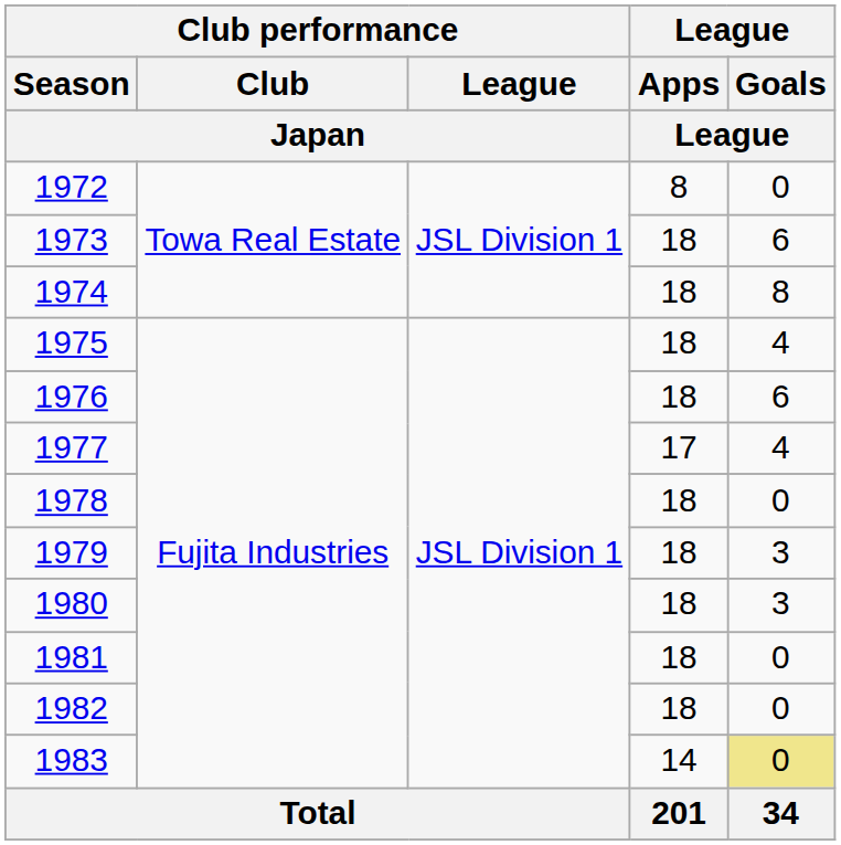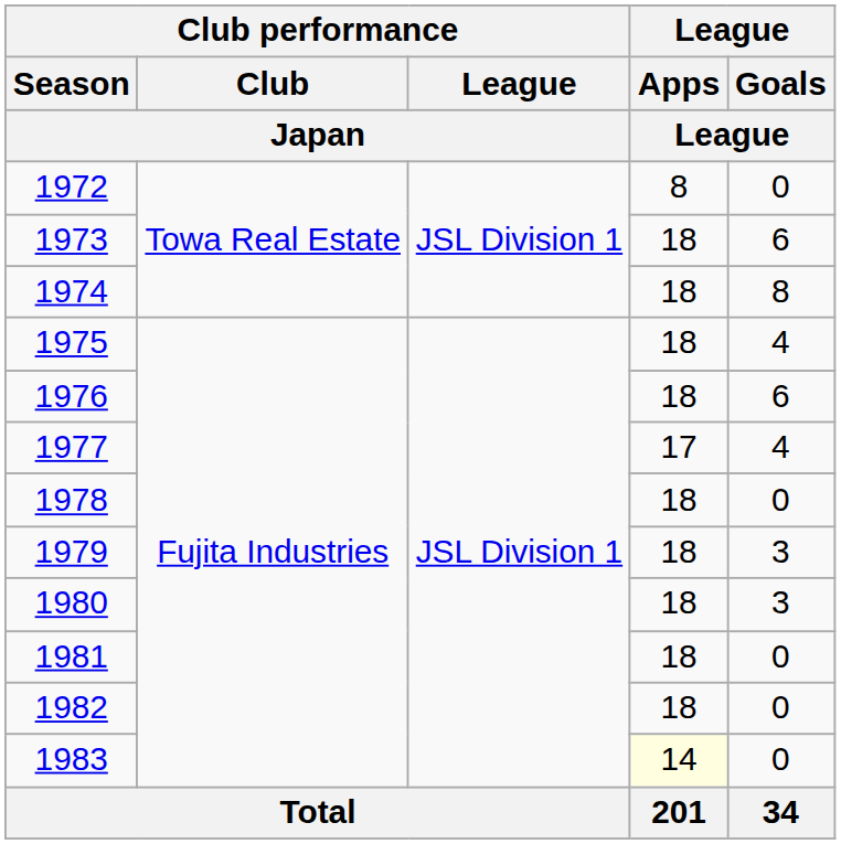 <table class="wikitable" style="text-align:center;">
 <tr>
 <th colspan=3>Club performance</th>
 <th colspan=2>League</th>
 </tr>
 <tr>
 <th>Season</th>
 <th>Club</th>
 <th>League</th>
 <th>Apps</th>
 <th>Goals</th>
 </tr>
 <tr>
 <th colspan=3>Japan</th>
 <th colspan=2>League</th>
 </tr>
 <tr>
 <td><a href='#'>1972</a></td>
 <td rowspan="3"><a href='#'>Towa Real Estate</a></td>
 <td rowspan="3"><a href='#'>JSL Division 1</a></td>
 <td>8</td>
 <td>0</td>
 </tr>
 <tr>
 <td><a href='#'>1973</a></td>
 <td>18</td>
 <td>6</td>
 </tr>
 <tr>
 <td><a href='#'>1974</a></td>
 <td>18</td>
 <td>8</td>
 </tr>
 <tr>
 <td><a href='#'>1975</a></td>
 <td rowspan="9"><a href='#'>Fujita Industries</a></td>
 <td rowspan="9"><a href='#'>JSL Division 1</a></td>
 <td>18</td>
 <td>4</td>
 </tr>
 <tr>
 <td><a href='#'>1976</a></td>
 <td>18</td>
 <td>6</td>
 </tr>
 <tr>
 <td><a href='#'>1977</a></td>
 <td>17</td>
 <td>4</td>
 </tr>
 <tr>
 <td><a href='#'>1978</a></td>
 <td>18</td>
 <td>0</td>
 </tr>
 <tr>
 <td><a href='#'>1979</a></td>
 <td>18</td>
 <td>3</td>
 </tr>
 <tr>
 <td><a href='#'>1980</a></td>
 <td>18</td>
 <td>3</td>
 </tr>
 <tr>
 <td><a href='#'>1981</a></td>
 <td>18</td>
 <td>0</td>
 </tr>
 <tr>
 <td><a href='#'>1982</a></td>
 <td>18</td>
 <td>0</td>
 </tr>
 <tr>
 <td><a href='#'>1983</a></td>
-<td>14</td>
-<td style="background: khaki;">0</td>
+<td style="background: lightyellow;">14</td>
+<td>0</td>
 </tr>
 <tr>
 <th colspan=3>Total</th>
 <th>201</th>
 <th>34</th>
 </tr>
 </table>
